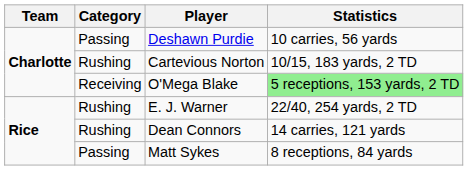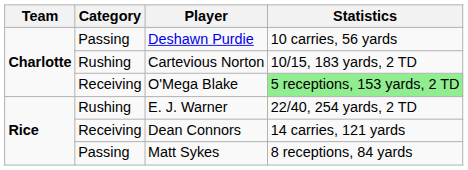 <table class="wikitable" style="float: right;">
 <tr>
 <th>Team</th>
 <th>Category</th>
 <th>Player</th>
 <th>Statistics</th>
 </tr>
 <tr>
 <td rowspan=3><strong>Charlotte</strong></td>
 <td>Passing</td>
 <td><a href='#'>Deshawn Purdie</a></td>
 <td>10 carries, 56 yards</td>
 </tr>
 <tr>
 <td>Rushing</td>
 <td>Cartevious Norton</td>
 <td>10/15, 183 yards, 2 TD</td>
 </tr>
 <tr>
 <td>Receiving</td>
 <td>O'Mega Blake</td>
 <td style="background: lightgreen;">5 receptions, 153 yards, 2 TD</td>
 </tr>
 <tr>
 <td rowspan=3><strong>Rice</strong></td>
 <td>Rushing</td>
 <td>E. J. Warner</td>
 <td>22/40, 254 yards, 2 TD</td>
 </tr>
 <tr>
-<td>Rushing</td>
+<td>Receiving</td>
 <td>Dean Connors</td>
 <td>14 carries, 121 yards</td>
 </tr>
 <tr>
 <td>Passing</td>
 <td>Matt Sykes</td>
 <td>8 receptions, 84 yards</td>
 </tr>
 </table>
